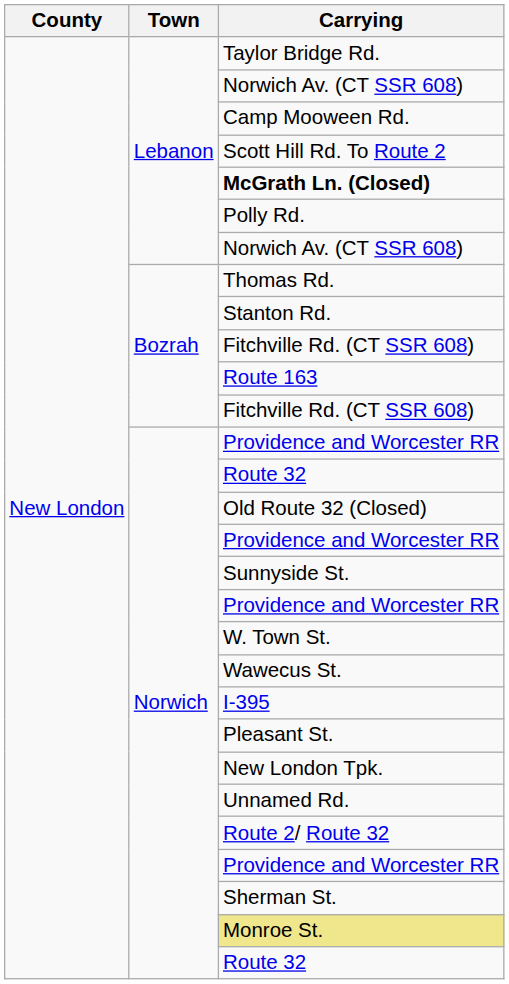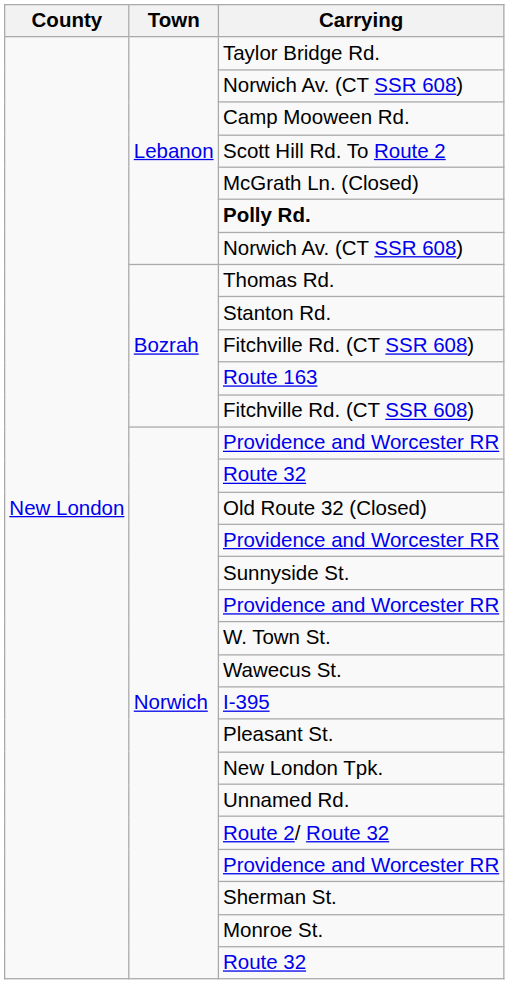 <table class="wikitable">
 <tr>
 <th>County</th>
 <th>Town</th>
 <th>Carrying</th>
 </tr>
 <tr>
 <td rowspan="29"><a href='#'>New London</a></td>
 <td rowspan="7"><a href='#'>Lebanon</a></td>
 <td>Taylor Bridge Rd.</td>
 </tr>
 <tr>
 <td>Norwich Av. (CT <a href='#'>SSR 608</a>)</td>
 </tr>
 <tr>
 <td>Camp Mooween Rd.</td>
 </tr>
 <tr>
 <td>Scott Hill Rd. To  <a href='#'>Route 2</a></td>
 </tr>
 <tr>
-<td><strong>McGrath Ln. (Closed)</strong></td>
+<td>McGrath Ln. (Closed)</td>
 </tr>
 <tr>
-<td>Polly Rd.</td>
+<td><strong>Polly Rd.</strong></td>
 </tr>
 <tr>
 <td>Norwich Av. (CT <a href='#'>SSR 608</a>)</td>
 </tr>
 <tr>
 <td rowspan="5"><a href='#'>Bozrah</a></td>
 <td>Thomas Rd.</td>
 </tr>
 <tr>
 <td>Stanton Rd.</td>
 </tr>
 <tr>
 <td>Fitchville Rd. (CT <a href='#'>SSR 608</a>)</td>
 </tr>
 <tr>
 <td> <a href='#'>Route 163</a></td>
 </tr>
 <tr>
 <td>Fitchville Rd. (CT <a href='#'>SSR 608</a>)</td>
 </tr>
 <tr>
 <td rowspan="17"><a href='#'>Norwich</a></td>
 <td><a href='#'>Providence and Worcester RR</a></td>
 </tr>
 <tr>
 <td> <a href='#'>Route 32</a></td>
 </tr>
 <tr>
 <td>Old Route 32 (Closed)</td>
 </tr>
 <tr>
 <td><a href='#'>Providence and Worcester RR</a></td>
 </tr>
 <tr>
 <td>Sunnyside St.</td>
 </tr>
 <tr>
 <td><a href='#'>Providence and Worcester RR</a></td>
 </tr>
 <tr>
 <td>W. Town St.</td>
 </tr>
 <tr>
 <td>Wawecus St.</td>
 </tr>
 <tr>
 <td> <a href='#'>I-395</a></td>
 </tr>
 <tr>
 <td>Pleasant St.</td>
 </tr>
 <tr>
 <td>New London Tpk.</td>
 </tr>
 <tr>
 <td>Unnamed Rd.</td>
 </tr>
 <tr>
 <td> <a href='#'>Route 2</a>/  <a href='#'>Route 32</a></td>
 </tr>
 <tr>
 <td><a href='#'>Providence and Worcester RR</a></td>
 </tr>
 <tr>
 <td>Sherman St.</td>
 </tr>
 <tr>
-<td style="background: khaki;">Monroe St.</td>
+<td>Monroe St.</td>
 </tr>
 <tr>
 <td> <a href='#'>Route 32</a></td>
 </tr>
 </table>
